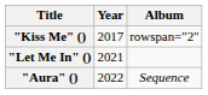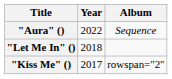 <table class="wikitable plainrowheaders" style="text-align:center;">
 <tr>
 <th>Title</th>
 <th>Year</th>
 <th>Album</th>
 </tr>
 <tr>
+<th scope="row">"Aura" ()</th>
+<td>2022</td>
+<td><em>Sequence</em></td>
+</tr>
+<tr>
+<th scope="row">"Let Me In" ()</th>
+<td>2018</td>
+</tr>
+<tr>
 <th scope="row">"Kiss Me" ()</th>
 <td>2017</td>
 <td>rowspan="2" </td>
 </tr>
-<tr>
-<th scope="row">"Let Me In" ()</th>
-<td>2021</td>
-</tr>
-<tr>
-<th scope="row">"Aura" ()</th>
-<td>2022</td>
-<td><em>Sequence</em></td>
-</tr>
 </table>
